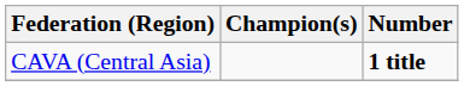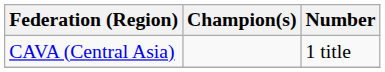 <table class="wikitable">
 <tr>
 <th>Federation (Region)</th>
 <th>Champion(s)</th>
 <th>Number</th>
 </tr>
 <tr>
 <td><a href='#'>CAVA (Central Asia)</a></td>
 <td></td>
-<td><strong>1 title</strong></td>
+<td>1 title</td>
 </tr>
 <tr>
 </tr>
 </table>
